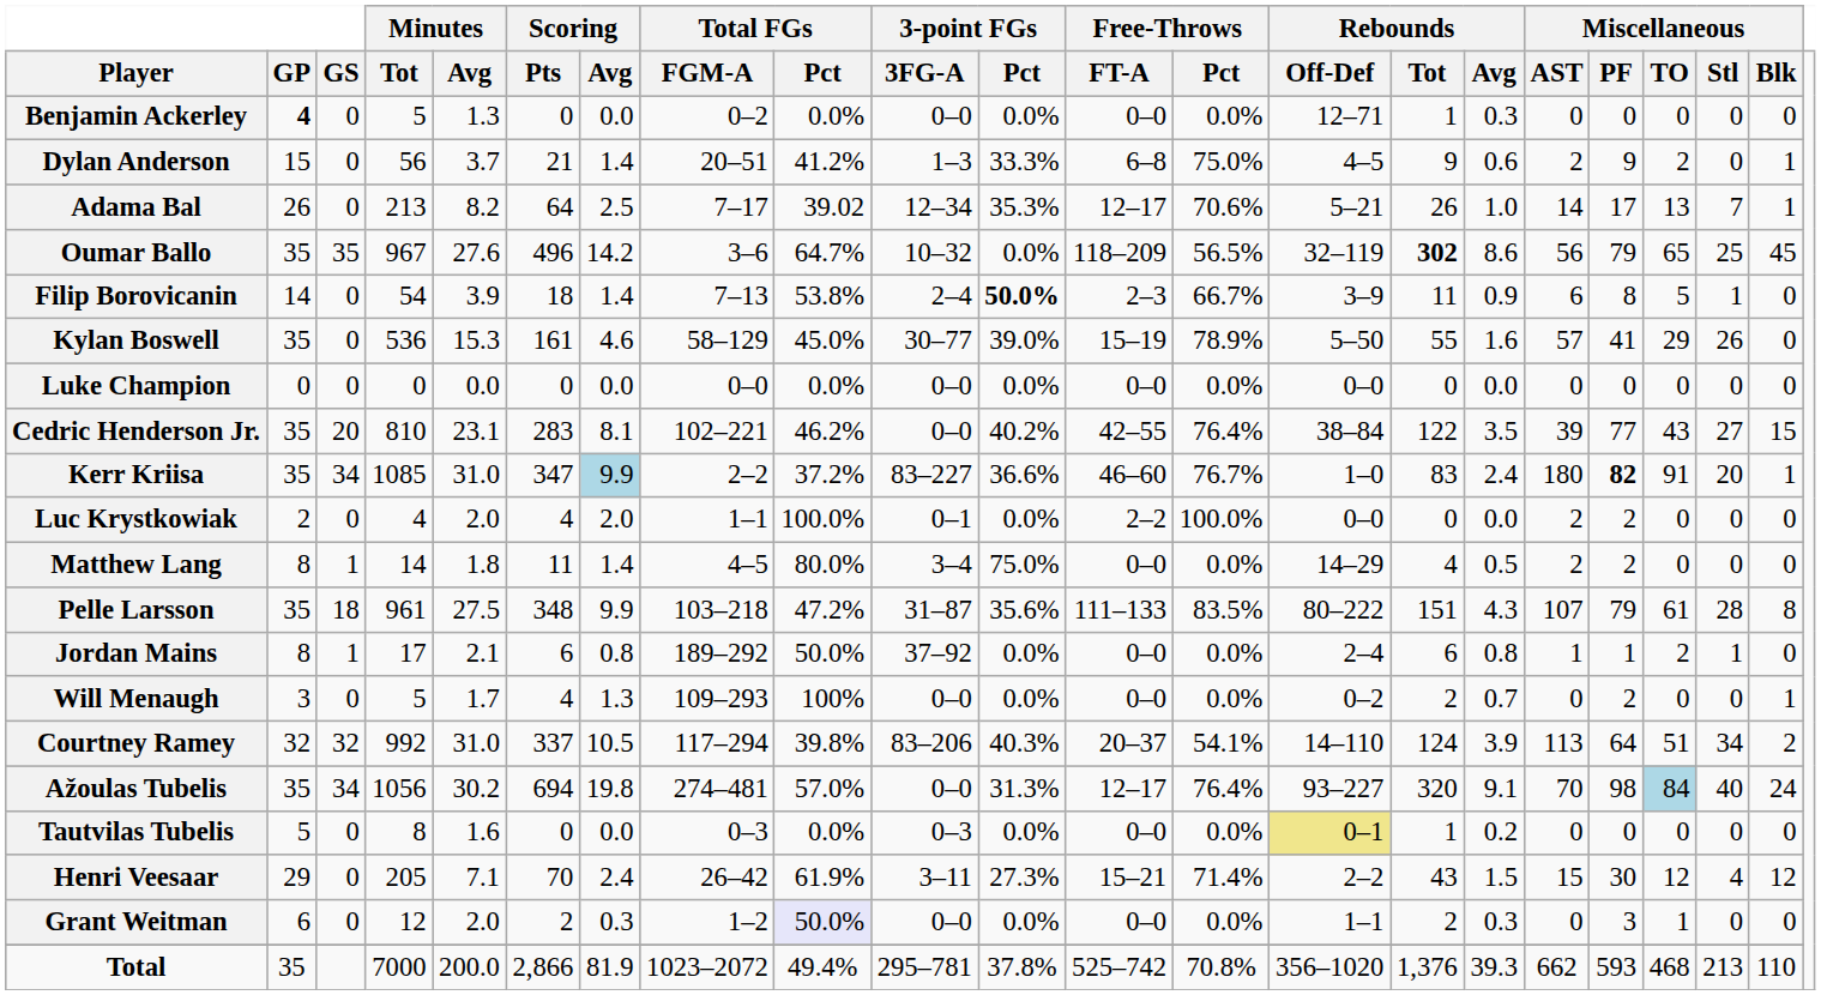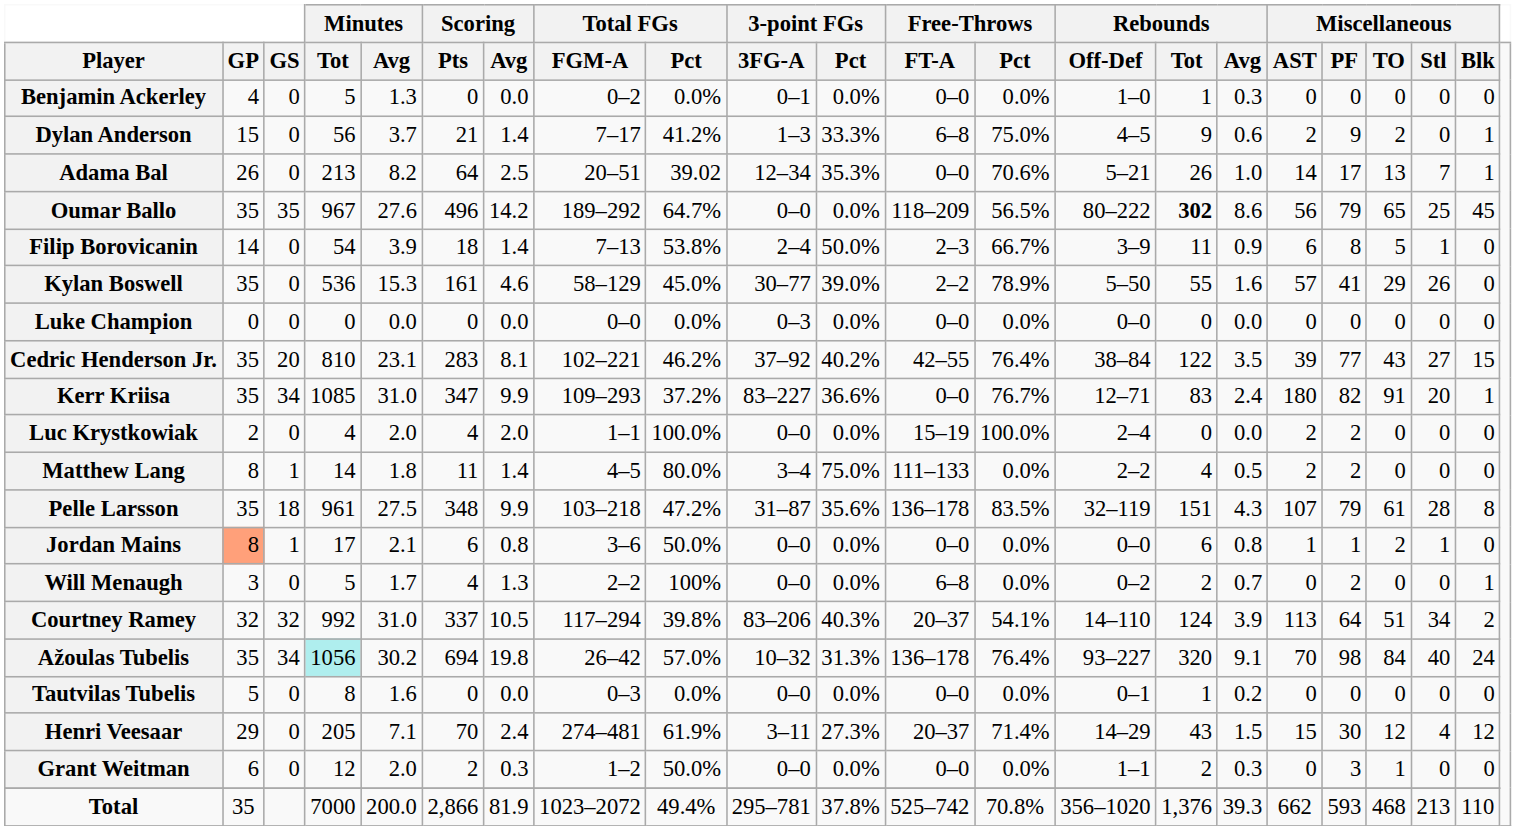 <table class="wikitable sortable" border="1" style="font-size:90%;">
 <tr>
 <th colspan="3" style="border-top-style:hidden; border-left-style:hidden; background: white;"></th>
 <th colspan="2" style=>Minutes</th>
 <th colspan="2" style=>Scoring</th>
 <th colspan="2" style=>Total FGs</th>
 <th colspan="2" style=>3-point FGs</th>
 <th colspan="2" style=>Free-Throws</th>
 <th colspan="3" style=>Rebounds</th>
 <th colspan="5" style=>Miscellaneous</th>
 <th colspan="4" style="border-top-style:hidden; border-right-style:hidden; background: white;"></th>
 </tr>
 <tr>
 <th scope="col" style=>Player</th>
 <th scope="col" style=>GP</th>
 <th scope="col" style=>GS</th>
 <th scope="col" style=>Tot</th>
 <th scope="col" style=>Avg</th>
 <th scope="col" style=>Pts</th>
 <th scope="col" style=>Avg</th>
 <th scope="col" style=>FGM-A</th>
 <th scope="col" style=>Pct</th>
 <th scope="col" style=>3FG-A</th>
 <th scope="col" style=>Pct</th>
 <th scope="col" style=>FT-A</th>
 <th scope="col" style=>Pct</th>
 <th scope="col" style=>Off-Def</th>
 <th scope="col" style=>Tot</th>
 <th scope="col" style=>Avg</th>
 <th scope="col" style=>AST</th>
 <th scope="col">PF</th>
 <th scope="col">TO</th>
 <th scope="col" style=>Stl</th>
 <th scope="col" style=>Blk</th>
 </tr>
 <tr>
 <th>Benjamin Ackerley</th>
-<td align="right"><strong>4</strong></td>
+<td align="right">4</td>
 <td align="right">0</td>
 <td align="right">5</td>
 <td align="right">1.3</td>
 <td align="right">0</td>
 <td align="right">0.0</td>
 <td align="right">0–2</td>
 <td align="right">0.0%</td>
-<td align="right">0–0</td>
+<td align="right">0–1</td>
 <td align="right">0.0%</td>
 <td align="right">0–0</td>
 <td align="right">0.0%</td>
-<td align="right">12–71</td>
+<td align="right">1–0</td>
 <td align="right">1</td>
 <td align="right">0.3</td>
 <td align="right">0</td>
 <td align="right">0</td>
 <td align="right">0</td>
 <td align="right">0</td>
 <td align="right">0</td>
 </tr>
 <tr>
 <th>Dylan Anderson</th>
 <td align="right">15</td>
 <td align="right">0</td>
 <td align="right">56</td>
 <td align="right">3.7</td>
 <td align="right">21</td>
 <td align="right">1.4</td>
-<td align="right">20–51</td>
+<td align="right">7–17</td>
 <td align="right">41.2%</td>
 <td align="right">1–3</td>
 <td align="right">33.3%</td>
 <td align="right">6–8</td>
 <td align="right">75.0%</td>
 <td align="right">4–5</td>
 <td align="right">9</td>
 <td align="right">0.6</td>
 <td align="right">2</td>
 <td align="right">9</td>
 <td align="right">2</td>
 <td align="right">0</td>
 <td align="right">1</td>
 </tr>
 <tr>
 <th>Adama Bal</th>
 <td align="right">26</td>
 <td align="right">0</td>
 <td align="right">213</td>
 <td align="right">8.2</td>
 <td align="right">64</td>
 <td align="right">2.5</td>
-<td align="right">7–17</td>
+<td align="right">20–51</td>
 <td align="right">39.02</td>
 <td align="right">12–34</td>
 <td align="right">35.3%</td>
-<td align="right">12–17</td>
+<td align="right">0–0</td>
 <td align="right">70.6%</td>
 <td align="right">5–21</td>
 <td align="right">26</td>
 <td align="right">1.0</td>
 <td align="right">14</td>
 <td align="right">17</td>
 <td align="right">13</td>
 <td align="right">7</td>
 <td align="right">1</td>
 </tr>
 <tr>
 <th>Oumar Ballo</th>
 <td align="right">35</td>
 <td align="right">35</td>
 <td align="right">967</td>
 <td align="right">27.6</td>
 <td align="right">496</td>
 <td align="right">14.2</td>
-<td align="right">3–6</td>
+<td align="right">189–292</td>
 <td align="right">64.7%</td>
-<td align="right">10–32</td>
+<td align="right">0–0</td>
 <td align="right">0.0%</td>
 <td align="right">118–209</td>
 <td align="right">56.5%</td>
-<td align="right">32–119</td>
+<td align="right">80–222</td>
 <td align="right"><strong>302</strong></td>
 <td align="right">8.6</td>
 <td align="right">56</td>
 <td align="right">79</td>
 <td align="right">65</td>
 <td align="right">25</td>
 <td align="right">45</td>
 </tr>
 <tr>
 <th style=white-space:nowrap>Filip Borovicanin</th>
 <td align="right">14</td>
 <td align="right">0</td>
 <td align="right">54</td>
 <td align="right">3.9</td>
 <td align="right">18</td>
 <td align="right">1.4</td>
 <td align="right">7–13</td>
 <td align="right">53.8%</td>
 <td align="right">2–4</td>
-<td align="right"><strong>50.0%</strong></td>
+<td align="right">50.0%</td>
 <td align="right">2–3</td>
 <td align="right">66.7%</td>
 <td align="right">3–9</td>
 <td align="right">11</td>
 <td align="right">0.9</td>
 <td align="right">6</td>
 <td align="right">8</td>
 <td align="right">5</td>
 <td align="right">1</td>
 <td align="right">0</td>
 </tr>
 <tr>
 <th style=white-space:nowrap>Kylan Boswell</th>
 <td align="right">35</td>
 <td align="right">0</td>
 <td align="right">536</td>
 <td align="right">15.3</td>
 <td align="right">161</td>
 <td align="right">4.6</td>
 <td align="right">58–129</td>
 <td align="right">45.0%</td>
 <td align="right">30–77</td>
 <td align="right">39.0%</td>
-<td align="right">15–19</td>
+<td align="right">2–2</td>
 <td align="right">78.9%</td>
 <td align="right">5–50</td>
 <td align="right">55</td>
 <td align="right">1.6</td>
 <td align="right">57</td>
 <td align="right">41</td>
 <td align="right">29</td>
 <td align="right">26</td>
 <td align="right">0</td>
 </tr>
 <tr>
 <th style=white-space:nowrap>Luke Champion</th>
 <td align="right">0</td>
 <td align="right">0</td>
 <td align="right">0</td>
 <td align="right">0.0</td>
 <td align="right">0</td>
 <td align="right">0.0</td>
 <td align="right">0–0</td>
 <td align="right">0.0%</td>
-<td align="right">0–0</td>
+<td align="right">0–3</td>
 <td align="right">0.0%</td>
 <td align="right">0–0</td>
 <td align="right">0.0%</td>
 <td align="right">0–0</td>
 <td align="right">0</td>
 <td align="right">0.0</td>
 <td align="right">0</td>
 <td align="right">0</td>
 <td align="right">0</td>
 <td align="right">0</td>
 <td align="right">0</td>
 </tr>
 <tr>
 <th style=white-space:nowrap>Cedric Henderson Jr.</th>
 <td align="right">35</td>
 <td align="right">20</td>
 <td align="right">810</td>
 <td align="right">23.1</td>
 <td align="right">283</td>
 <td align="right">8.1</td>
 <td align="right">102–221</td>
 <td align="right">46.2%</td>
-<td align="right">0–0</td>
+<td align="right">37–92</td>
 <td align="right">40.2%</td>
 <td align="right">42–55</td>
 <td align="right">76.4%</td>
 <td align="right">38–84</td>
 <td align="right">122</td>
 <td align="right">3.5</td>
 <td align="right">39</td>
 <td align="right">77</td>
 <td align="right">43</td>
 <td align="right">27</td>
 <td align="right">15</td>
 </tr>
 <tr>
 <th style=white-space:nowrap>Kerr Kriisa</th>
 <td align="right">35</td>
 <td align="right">34</td>
 <td align="right">1085</td>
 <td align="right">31.0</td>
 <td align="right">347</td>
-<td align="right" style="background: lightblue;">9.9</td>
-<td align="right">2–2</td>
+<td align="right">9.9</td>
+<td align="right">109–293</td>
 <td align="right">37.2%</td>
 <td align="right">83–227</td>
 <td align="right">36.6%</td>
-<td align="right">46–60</td>
+<td align="right">0–0</td>
 <td align="right">76.7%</td>
-<td align="right">1–0</td>
+<td align="right">12–71</td>
 <td align="right">83</td>
 <td align="right">2.4</td>
 <td align="right">180</td>
-<td align="right"><strong>82</strong></td>
+<td align="right">82</td>
 <td align="right">91</td>
 <td align="right">20</td>
 <td align="right">1</td>
 </tr>
 <tr>
 <th style=white-space:nowrap>Luc Krystkowiak</th>
 <td align="right">2</td>
 <td align="right">0</td>
 <td align="right">4</td>
 <td align="right">2.0</td>
 <td align="right">4</td>
 <td align="right">2.0</td>
 <td align="right">1–1</td>
 <td align="right">100.0%</td>
-<td align="right">0–1</td>
+<td align="right">0–0</td>
 <td align="right">0.0%</td>
-<td align="right">2–2</td>
+<td align="right">15–19</td>
 <td align="right">100.0%</td>
-<td align="right">0–0</td>
+<td align="right">2–4</td>
 <td align="right">0</td>
 <td align="right">0.0</td>
 <td align="right">2</td>
 <td align="right">2</td>
 <td align="right">0</td>
 <td align="right">0</td>
 <td align="right">0</td>
 </tr>
 <tr>
 <th style=white-space:nowrap>Matthew Lang</th>
 <td align="right">8</td>
 <td align="right">1</td>
 <td align="right">14</td>
 <td align="right">1.8</td>
 <td align="right">11</td>
 <td align="right">1.4</td>
 <td align="right">4–5</td>
 <td align="right">80.0%</td>
 <td align="right">3–4</td>
 <td align="right">75.0%</td>
-<td align="right">0–0</td>
+<td align="right">111–133</td>
 <td align="right">0.0%</td>
-<td align="right">14–29</td>
+<td align="right">2–2</td>
 <td align="right">4</td>
 <td align="right">0.5</td>
 <td align="right">2</td>
 <td align="right">2</td>
 <td align="right">0</td>
 <td align="right">0</td>
 <td align="right">0</td>
 </tr>
 <tr>
 <th style=white-space:nowrap>Pelle Larsson</th>
 <td align="right">35</td>
 <td align="right">18</td>
 <td align="right">961</td>
 <td align="right">27.5</td>
 <td align="right">348</td>
 <td align="right">9.9</td>
 <td align="right">103–218</td>
 <td align="right">47.2%</td>
 <td align="right">31–87</td>
 <td align="right">35.6%</td>
-<td align="right">111–133</td>
+<td align="right">136–178</td>
 <td align="right">83.5%</td>
-<td align="right">80–222</td>
+<td align="right">32–119</td>
 <td align="right">151</td>
 <td align="right">4.3</td>
 <td align="right">107</td>
 <td align="right">79</td>
 <td align="right">61</td>
 <td align="right">28</td>
 <td align="right">8</td>
 </tr>
 <tr>
 <th style=white-space:nowrap>Jordan Mains</th>
-<td align="right">8</td>
+<td align="right" style="background: lightsalmon;">8</td>
 <td align="right">1</td>
 <td align="right">17</td>
 <td align="right">2.1</td>
 <td align="right">6</td>
 <td align="right">0.8</td>
-<td align="right">189–292</td>
+<td align="right">3–6</td>
 <td align="right">50.0%</td>
-<td align="right">37–92</td>
+<td align="right">0–0</td>
 <td align="right">0.0%</td>
 <td align="right">0–0</td>
 <td align="right">0.0%</td>
-<td align="right">2–4</td>
+<td align="right">0–0</td>
 <td align="right">6</td>
 <td align="right">0.8</td>
 <td align="right">1</td>
 <td align="right">1</td>
 <td align="right">2</td>
 <td align="right">1</td>
 <td align="right">0</td>
 </tr>
 <tr>
 <th style=white-space:nowrap>Will Menaugh</th>
 <td align="right">3</td>
 <td align="right">0</td>
 <td align="right">5</td>
 <td align="right">1.7</td>
 <td align="right">4</td>
 <td align="right">1.3</td>
-<td align="right">109–293</td>
+<td align="right">2–2</td>
 <td align="right">100%</td>
 <td align="right">0–0</td>
 <td align="right">0.0%</td>
-<td align="right">0–0</td>
+<td align="right">6–8</td>
 <td align="right">0.0%</td>
 <td align="right">0–2</td>
 <td align="right">2</td>
 <td align="right">0.7</td>
 <td align="right">0</td>
 <td align="right">2</td>
 <td align="right">0</td>
 <td align="right">0</td>
 <td align="right">1</td>
 </tr>
 <tr>
 <th style=white-space:nowrap>Courtney Ramey</th>
 <td align="right">32</td>
 <td align="right">32</td>
 <td align="right">992</td>
 <td align="right">31.0</td>
 <td align="right">337</td>
 <td align="right">10.5</td>
 <td align="right">117–294</td>
 <td align="right">39.8%</td>
 <td align="right">83–206</td>
 <td align="right">40.3%</td>
 <td align="right">20–37</td>
 <td align="right">54.1%</td>
 <td align="right">14–110</td>
 <td align="right">124</td>
 <td align="right">3.9</td>
 <td align="right">113</td>
 <td align="right">64</td>
 <td align="right">51</td>
 <td align="right">34</td>
 <td align="right">2</td>
 </tr>
 <tr>
 <th style=white-space:nowrap>Ažoulas Tubelis</th>
 <td align="right">35</td>
 <td align="right">34</td>
-<td align="right">1056</td>
+<td align="right" style="background: paleturquoise;">1056</td>
 <td align="right">30.2</td>
 <td align="right">694</td>
 <td align="right">19.8</td>
-<td align="right">274–481</td>
+<td align="right">26–42</td>
 <td align="right">57.0%</td>
-<td align="right">0–0</td>
+<td align="right">10–32</td>
 <td align="right">31.3%</td>
-<td align="right">12–17</td>
+<td align="right">136–178</td>
 <td align="right">76.4%</td>
 <td align="right">93–227</td>
 <td align="right">320</td>
 <td align="right">9.1</td>
 <td align="right">70</td>
 <td align="right">98</td>
-<td align="right" style="background: lightblue;">84</td>
+<td align="right">84</td>
 <td align="right">40</td>
 <td align="right">24</td>
 </tr>
 <tr>
 <th style=white-space:nowrap>Tautvilas Tubelis</th>
 <td align="right">5</td>
 <td align="right">0</td>
 <td align="right">8</td>
 <td align="right">1.6</td>
 <td align="right">0</td>
 <td align="right">0.0</td>
 <td align="right">0–3</td>
 <td align="right">0.0%</td>
-<td align="right">0–3</td>
+<td align="right">0–0</td>
 <td align="right">0.0%</td>
 <td align="right">0–0</td>
 <td align="right">0.0%</td>
-<td align="right" style="background: khaki;">0–1</td>
+<td align="right">0–1</td>
 <td align="right">1</td>
 <td align="right">0.2</td>
 <td align="right">0</td>
 <td align="right">0</td>
 <td align="right">0</td>
 <td align="right">0</td>
 <td align="right">0</td>
 </tr>
 <tr>
 <th style=white-space:nowrap>Henri Veesaar</th>
 <td align="right">29</td>
 <td align="right">0</td>
 <td align="right">205</td>
 <td align="right">7.1</td>
 <td align="right">70</td>
 <td align="right">2.4</td>
-<td align="right">26–42</td>
+<td align="right">274–481</td>
 <td align="right">61.9%</td>
 <td align="right">3–11</td>
 <td align="right">27.3%</td>
-<td align="right">15–21</td>
+<td align="right">20–37</td>
 <td align="right">71.4%</td>
-<td align="right">2–2</td>
+<td align="right">14–29</td>
 <td align="right">43</td>
 <td align="right">1.5</td>
 <td align="right">15</td>
 <td align="right">30</td>
 <td align="right">12</td>
 <td align="right">4</td>
 <td align="right">12</td>
 </tr>
 <tr>
 <th style=white-space:nowrap>Grant Weitman</th>
 <td align="right">6</td>
 <td align="right">0</td>
 <td align="right">12</td>
 <td align="right">2.0</td>
 <td align="right">2</td>
 <td align="right">0.3</td>
 <td align="right">1–2</td>
-<td align="right" style="background: lavender;">50.0%</td>
+<td align="right">50.0%</td>
 <td align="right">0–0</td>
 <td align="right">0.0%</td>
 <td align="right">0–0</td>
 <td align="right">0.0%</td>
 <td align="right">1–1</td>
 <td align="right">2</td>
 <td align="right">0.3</td>
 <td align="right">0</td>
 <td align="right">3</td>
 <td align="right">1</td>
 <td align="right">0</td>
 <td align="right">0</td>
 </tr>
 <tr>
 </tr>
 <tr class="sortbottom">
 <td align="center" style=><strong>Total</strong></td>
 <td align="center" style=>35</td>
 <td align="center" style=></td>
 <td align="center" style=>7000</td>
 <td align="center" style=>200.0</td>
 <td align="center" style=>2,866</td>
 <td align="center" style=>81.9</td>
 <td align="center" style=>1023–2072</td>
 <td align="center" style=>49.4%</td>
 <td align="center" style=>295–781</td>
 <td align="center" style=>37.8%</td>
 <td align="center" style=>525–742</td>
 <td align="center" style=>70.8%</td>
 <td align="center" style=>356–1020</td>
 <td align="center" style=>1,376</td>
 <td align="center" style=>39.3</td>
 <td align="center" style=>662</td>
 <td align="center" style=>593</td>
 <td align="center">468</td>
 <td align="center">213</td>
 <td align="center">110</td>
 </tr>
 </table>
